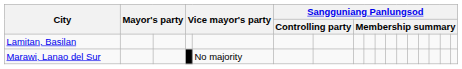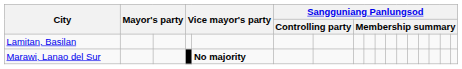 <table class="wikitable" style="font-size:95%;">
 <tr>
 <th width="180px" rowspan="2">City</th>
 <th colspan="2" rowspan="2">Mayor's party</th>
 <th colspan="2" rowspan="2">Vice mayor's party</th>
 <th colspan="14"><a href='#'>Sangguniang Panlungsod</a></th>
 </tr>
 <tr>
 <th colspan="2">Controlling party</th>
 <th colspan="12">Membership summary</th>
 </tr>
 <tr>
 <td><a href='#'>Lamitan, Basilan</a></td>
 <td></td>
 <td></td>
 <td></td>
 <td> </td>
 <td> </td>
 <td> </td>
 <td> </td>
 <td> </td>
 <td> </td>
 <td> </td>
 <td> </td>
 <td> </td>
 <td> </td>
 <td> </td>
 <td> </td>
 </tr>
 <tr>
 <td><a href='#'>Marawi, Lanao del Sur</a></td>
 <td></td>
 <td></td>
 <td bgcolor=black></td>
-<td>No majority</td>
+<td><strong>No majority</strong></td>
 <td style="color:inherit;background:"></td>
 <td style="color:inherit;background:"></td>
 <td style="color:inherit;background:"></td>
 <td style="color:inherit;background:"></td>
 <td style="color:inherit;background:"></td>
 <td style="color:inherit;background:"></td>
 <td style="color:inherit;background:"></td>
 <td style="color:inherit;background:"></td>
 <td style="color:inherit;background:"></td>
 <td style="color:inherit;background:"></td>
 <td style="color:inherit;background:"></td>
 <td style="color:inherit;background:"></td>
 </tr>
 </table>
